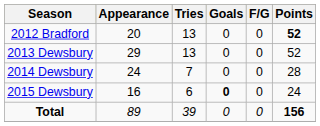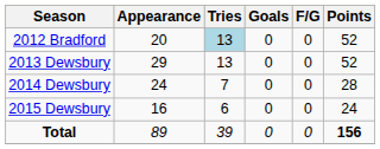 <table class="wikitable" style="text-align:center;">
 <tr bgcolor=#bdb76b>
 <th>Season</th>
 <th>Appearance</th>
 <th>Tries</th>
 <th>Goals</th>
 <th>F/G</th>
 <th>Points</th>
 </tr>
 <tr>
 <td><a href='#'>2012 Bradford</a></td>
 <td>20</td>
-<td>13</td>
+<td style="background: lightblue;">13</td>
 <td>0</td>
 <td>0</td>
-<td><strong>52</strong></td>
+<td>52</td>
 </tr>
 <tr>
 <td><a href='#'>2013 Dewsbury</a></td>
 <td>29</td>
 <td>13</td>
 <td>0</td>
 <td>0</td>
 <td>52</td>
 </tr>
 <tr>
 <td><a href='#'>2014 Dewsbury</a></td>
 <td>24</td>
 <td>7</td>
 <td>0</td>
 <td>0</td>
 <td>28</td>
 </tr>
 <tr>
 <td><a href='#'>2015 Dewsbury</a></td>
 <td>16</td>
 <td>6</td>
-<td><strong>0</strong></td>
+<td>0</td>
 <td>0</td>
 <td>24</td>
 </tr>
 <tr>
 <td><strong>Total</strong></td>
 <td><em>89</em></td>
 <td><em>39</em></td>
 <td><em>0</em></td>
 <td><em>0</em></td>
 <td><strong>156</strong></td>
 </tr>
 <tr>
 </tr>
 </table>
